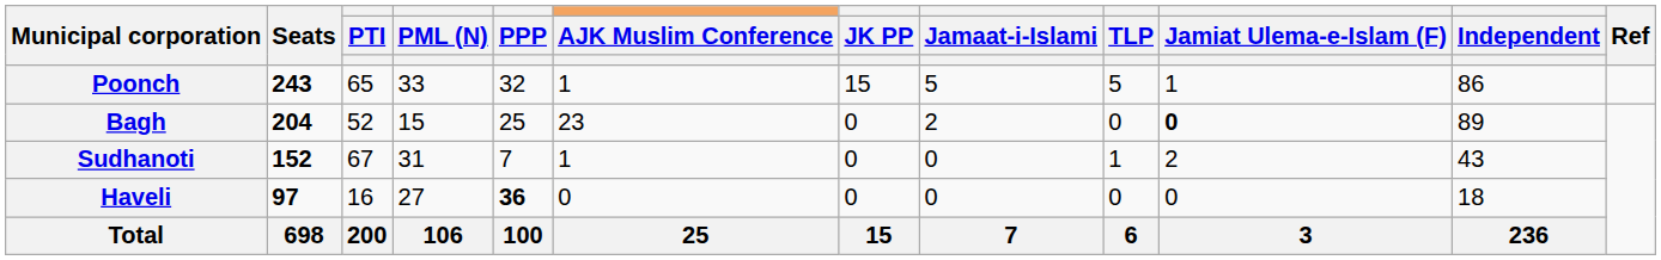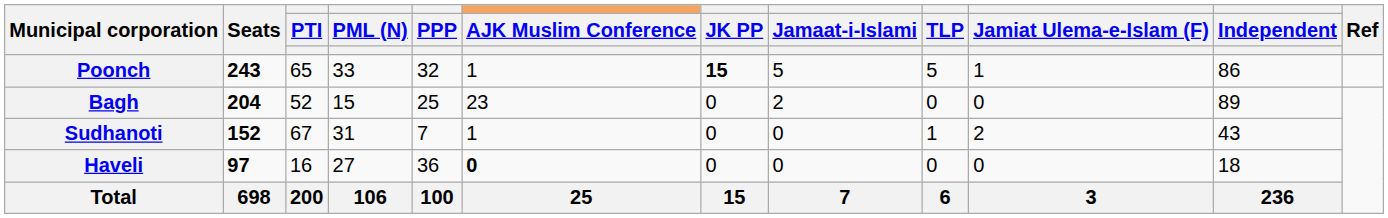 <table class="wikitable">
 <tr>
 <th rowspan="3">Municipal corporation</th>
 <th rowspan="3">Seats</th>
 <th style="background-color: "></th>
 <th style="background-color: "></th>
 <th style="background-color: "></th>
 <td bgcolor="#f4a460"></td>
 <th style="background-color: "></th>
 <th style="background-color: "></th>
 <th style="background-color: "></th>
 <th style="background-color: "></th>
 <th style="background-color: "></th>
 <th rowspan="3">Ref</th>
 </tr>
 <tr>
 <th><a href='#'>PTI</a></th>
 <th><a href='#'>PML (N)</a></th>
 <th><a href='#'>PPP</a></th>
 <th><a href='#'>AJK Muslim Conference</a></th>
 <th><a href='#'>JK PP</a></th>
 <th><a href='#'>Jamaat-i-Islami</a></th>
 <th><a href='#'>TLP</a></th>
 <th><a href='#'>Jamiat Ulema-e-Islam (F)</a></th>
 <th><a href='#'>Independent</a></th>
 </tr>
 <tr>
 <th></th>
 <th></th>
 <th></th>
 <th></th>
 <th></th>
 <th></th>
 <th></th>
 <th></th>
 <th></th>
 </tr>
 <tr>
 <th><a href='#'>Poonch</a></th>
 <td><strong>243</strong></td>
 <td>65</td>
 <td>33</td>
 <td>32</td>
 <td>1</td>
-<td>15</td>
+<td><strong>15</strong></td>
 <td>5</td>
 <td>5</td>
 <td>1</td>
 <td>86</td>
 <td></td>
 </tr>
 <tr>
 <th><a href='#'>Bagh</a></th>
 <td><strong>204</strong></td>
 <td>52</td>
 <td>15</td>
 <td>25</td>
 <td>23</td>
 <td>0</td>
 <td>2</td>
 <td>0</td>
-<td><strong>0</strong></td>
+<td>0</td>
 <td>89</td>
 <td rowspan="4"></td>
 </tr>
 <tr>
 <th><a href='#'>Sudhanoti</a></th>
 <td><strong>152</strong></td>
 <td>67</td>
 <td>31</td>
 <td>7</td>
 <td>1</td>
 <td>0</td>
 <td>0</td>
 <td>1</td>
 <td>2</td>
 <td>43</td>
 </tr>
 <tr>
 <th><a href='#'>Haveli</a></th>
 <td><strong>97</strong></td>
 <td>16</td>
 <td>27</td>
-<td><strong>36</strong></td>
-<td>0</td>
+<td>36</td>
+<td><strong>0</strong></td>
 <td>0</td>
 <td>0</td>
 <td>0</td>
 <td>0</td>
 <td>18</td>
 </tr>
 <tr>
 <th><strong>Total</strong></th>
 <th>698</th>
 <th>200</th>
 <th>106</th>
 <th>100</th>
 <th>25</th>
 <th>15</th>
 <th>7</th>
 <th>6</th>
 <th>3</th>
 <th>236</th>
 </tr>
 </table>
